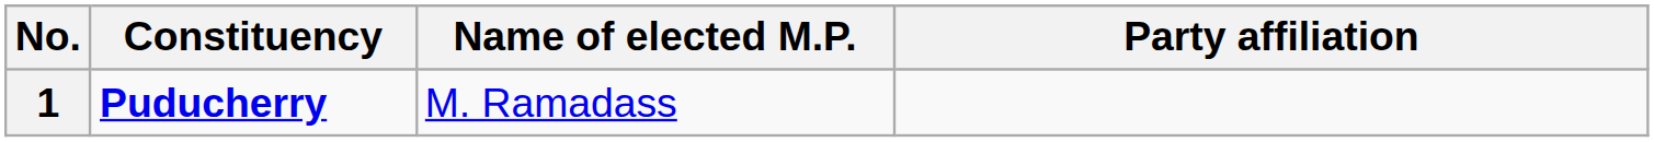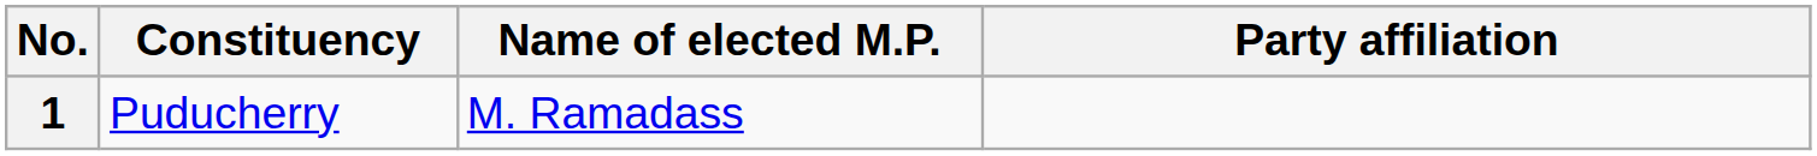 <table class="wikitable">
 <tr style="background:#ccc; text-align:center;">
 <th>No.</th>
 <th style="width:120px">Constituency</th>
 <th style="width:180px">Name of elected M.P.</th>
 <th colspan="2" style="width:18em">Party affiliation</th>
 </tr>
 <tr>
 <th>1</th>
-<td><strong><a href='#'>Puducherry</a></strong></td>
+<td><a href='#'>Puducherry</a></td>
 <td><a href='#'>M. Ramadass</a></td>
 <td></td>
 </tr>
 </table>
